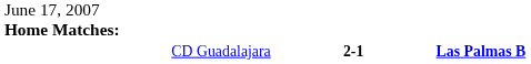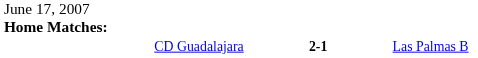 <table width=100% cellspacing=1>
 <tr>
 <th width=20%></th>
 <th width=12%></th>
 <th width=20%></th>
 <th></th>
 </tr>
 <tr>
 <td>June 17, 2007<br><strong>Home Matches:</strong></td>
 </tr>
 <tr style=font-size:90%>
 <td align=right><a href='#'>CD Guadalajara</a></td>
 <td align=center><strong>2-1</strong></td>
-<td><strong><a href='#'>Las Palmas B</a></strong></td>
+<td><a href='#'>Las Palmas B</a></td>
 </tr>
 </table>
